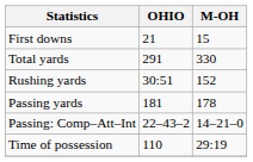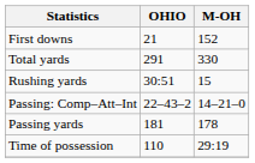 <table class="wikitable" style="float: left;">
 <tr>
 <th>Statistics</th>
 <th>OHIO</th>
 <th>M-OH</th>
 </tr>
 <tr>
 <td>First downs</td>
 <td>21</td>
-<td>15</td>
+<td>152</td>
 </tr>
 <tr>
 <td>Total yards</td>
 <td>291</td>
 <td>330</td>
 </tr>
 <tr>
 <td>Rushing yards</td>
 <td>30:51</td>
-<td>152</td>
+<td>15</td>
+</tr>
+<tr>
+<td>Passing: Comp–Att–Int</td>
+<td>22–43–2</td>
+<td>14–21–0</td>
 </tr>
 <tr>
 <td>Passing yards</td>
 <td>181</td>
 <td>178</td>
-</tr>
-<tr>
-<td>Passing: Comp–Att–Int</td>
-<td>22–43–2</td>
-<td>14–21–0</td>
 </tr>
 <tr>
 <td>Time of possession</td>
 <td>110</td>
 <td>29:19</td>
 </tr>
 <tr>
 </tr>
 </table>
